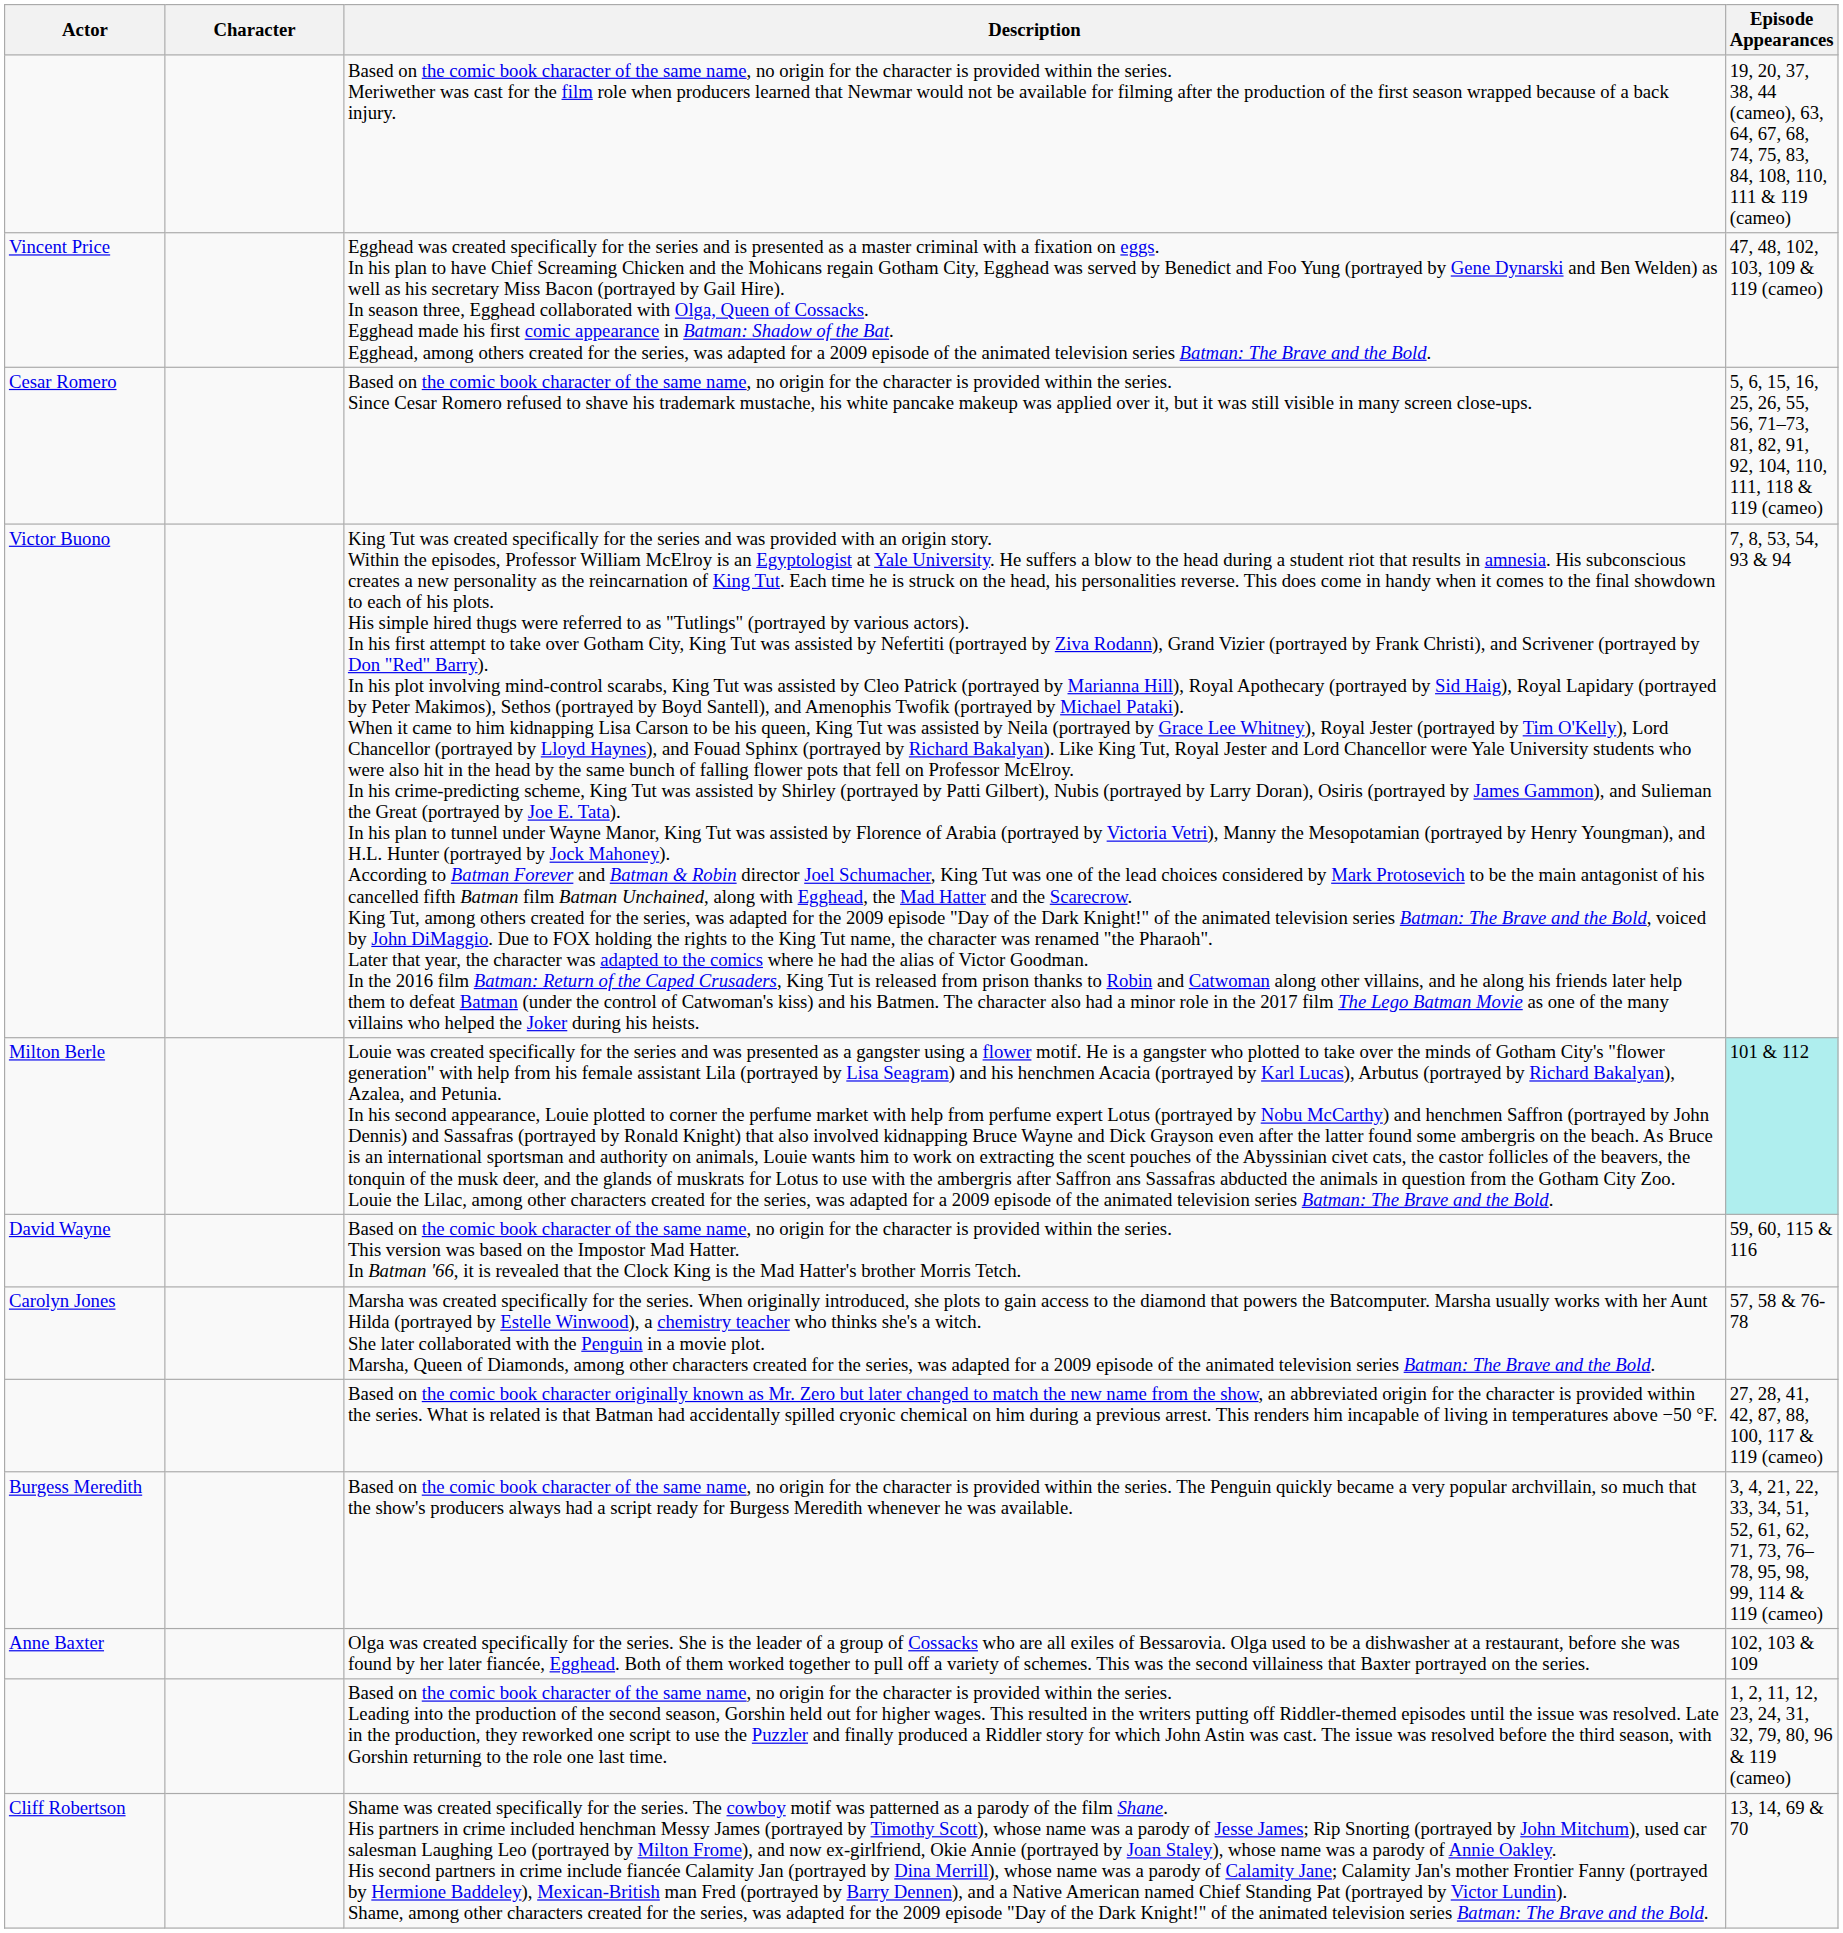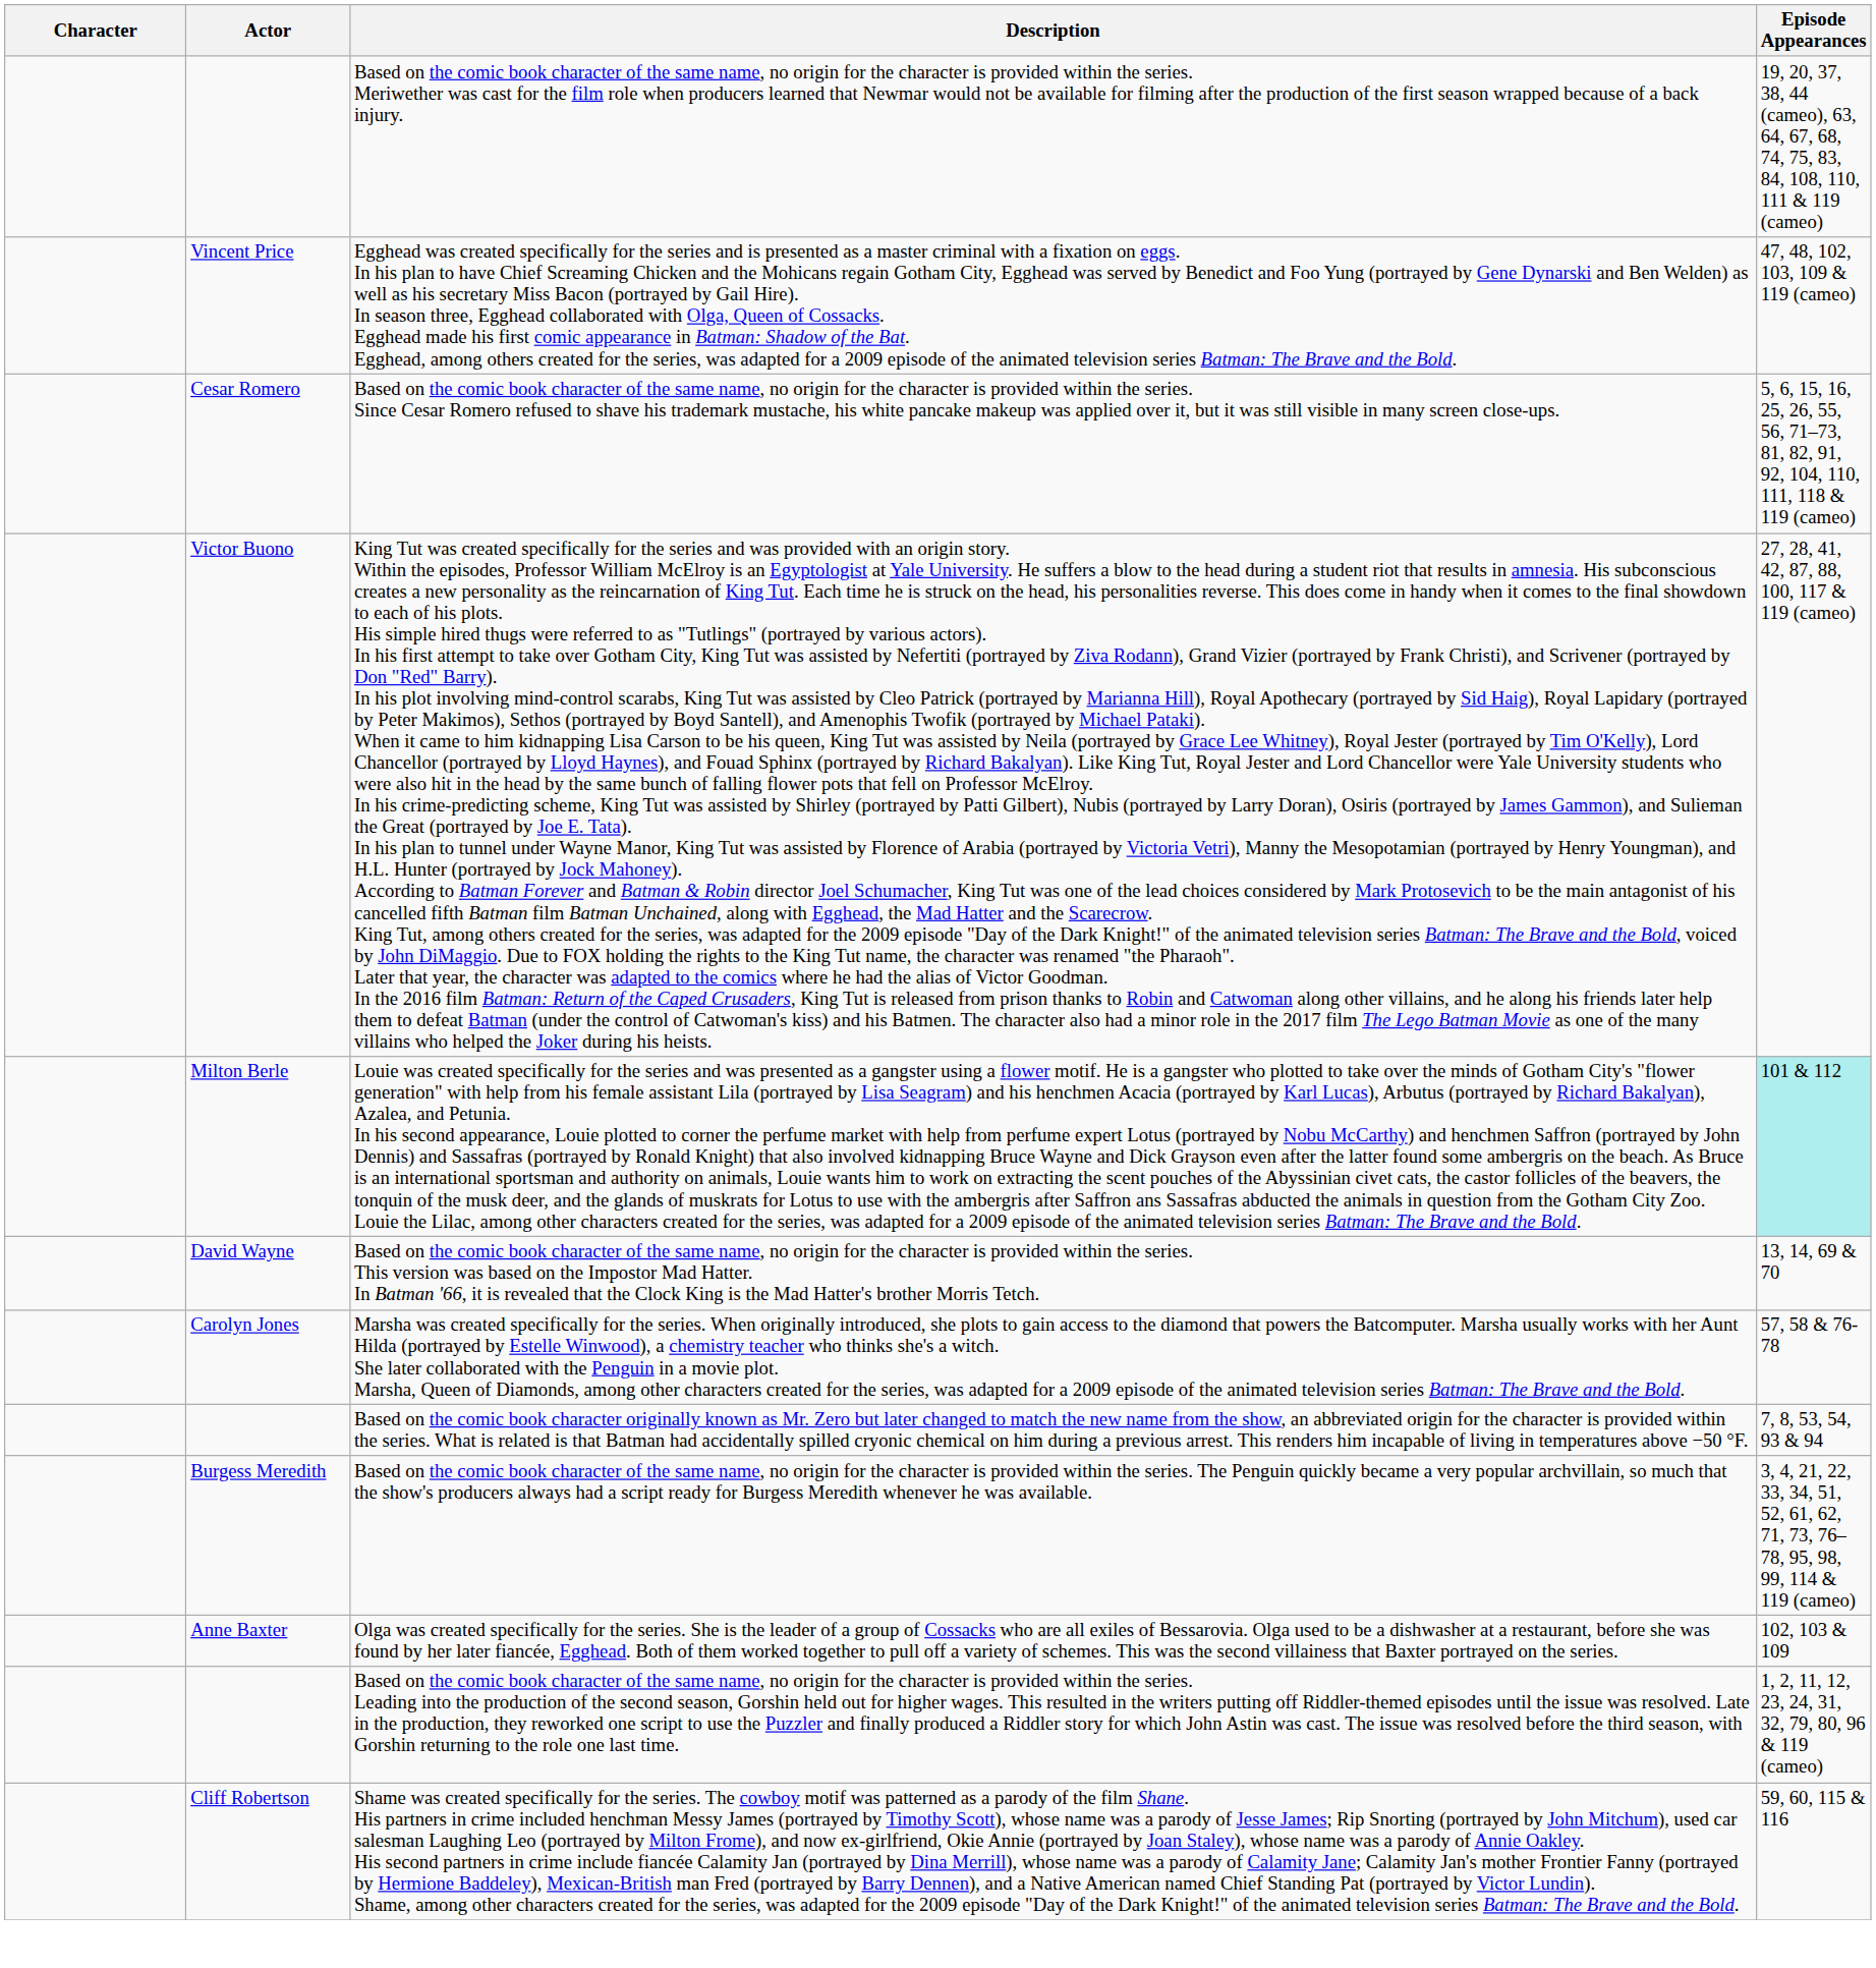 <table class="wikitable">
 <tr>
+<th style="width:145px;">Character</th>
 <th style="width:130px;">Actor</th>
-<th style="width:145px;">Character</th>
 <th>Description</th>
 <th style="width:50px;">Episode Appearances</th>
 </tr>
 <tr style="vertical-align:top;">
 <td></td>
 <td></td>
 <td>Based on <a href='#'>the comic book character of the same name</a>, no origin for the character is provided within the series.<br>Meriwether was cast for the <a href='#'>film</a> role when producers learned that Newmar would not be available for filming after the production of the first season wrapped because of a back injury.</td>
 <td>19, 20, 37, 38, 44 (cameo), 63, 64, 67, 68, 74, 75, 83, 84, 108, 110, 111 & 119 (cameo)</td>
 </tr>
 <tr style="vertical-align:top;">
+<td></td>
 <td><a href='#'>Vincent Price</a></td>
-<td></td>
 <td>Egghead was created specifically for the series and is presented as a master criminal with a fixation on <a href='#'>eggs</a>.<br>In his plan to have Chief Screaming Chicken and the Mohicans regain Gotham City, Egghead was served by Benedict and Foo Yung (portrayed by <a href='#'>Gene Dynarski</a> and Ben Welden) as well as his secretary Miss Bacon (portrayed by Gail Hire).<br>In season three, Egghead collaborated with <a href='#'>Olga, Queen of Cossacks</a>.<br>Egghead made his first <a href='#'>comic appearance</a> in <em><a href='#'>Batman: Shadow of the Bat</a></em>.<br>Egghead, among others created for the series, was adapted for a 2009 episode of the animated television series <em><a href='#'>Batman: The Brave and the Bold</a></em>.</td>
 <td>47, 48, 102, 103, 109 & 119 (cameo)</td>
 </tr>
 <tr style="vertical-align:top;">
+<td></td>
 <td><a href='#'>Cesar Romero</a></td>
-<td></td>
 <td>Based on <a href='#'>the comic book character of the same name</a>, no origin for the character is provided within the series.<br>Since Cesar Romero refused to shave his trademark mustache, his white pancake makeup was applied over it, but it was still visible in many screen close-ups.</td>
 <td>5, 6, 15, 16, 25, 26, 55, 56, 71–73, 81, 82, 91, 92, 104, 110, 111, 118 & 119 (cameo)</td>
 </tr>
 <tr style="vertical-align:top;">
+<td></td>
 <td><a href='#'>Victor Buono</a></td>
-<td></td>
 <td>King Tut was created specifically for the series and was provided with an origin story.<br>Within the episodes, Professor William McElroy is an <a href='#'>Egyptologist</a> at <a href='#'>Yale University</a>. He suffers a blow to the head during a student riot that results in <a href='#'>amnesia</a>. His subconscious creates a new personality as the reincarnation of <a href='#'>King Tut</a>. Each time he is struck on the head, his personalities reverse. This does come in handy when it comes to the final showdown to each of his plots.<br>His simple hired thugs were referred to as "Tutlings" (portrayed by various actors).<br>In his first attempt to take over Gotham City, King Tut was assisted by Nefertiti (portrayed by <a href='#'>Ziva Rodann</a>), Grand Vizier (portrayed by Frank Christi), and Scrivener (portrayed by <a href='#'>Don "Red" Barry</a>).<br>In his plot involving mind-control scarabs, King Tut was assisted by Cleo Patrick (portrayed by <a href='#'>Marianna Hill</a>), Royal Apothecary (portrayed by <a href='#'>Sid Haig</a>), Royal Lapidary (portrayed by Peter Makimos), Sethos (portrayed by Boyd Santell), and Amenophis Twofik (portrayed by <a href='#'>Michael Pataki</a>).<br>When it came to him kidnapping Lisa Carson to be his queen, King Tut was assisted by Neila (portrayed by <a href='#'>Grace Lee Whitney</a>), Royal Jester (portrayed by <a href='#'>Tim O'Kelly</a>), Lord Chancellor (portrayed by <a href='#'>Lloyd Haynes</a>), and Fouad Sphinx (portrayed by <a href='#'>Richard Bakalyan</a>). Like King Tut, Royal Jester and Lord Chancellor were Yale University students who were also hit in the head by the same bunch of falling flower pots that fell on Professor McElroy.<br>In his crime-predicting scheme, King Tut was assisted by Shirley (portrayed by Patti Gilbert), Nubis (portrayed by Larry Doran), Osiris (portrayed by <a href='#'>James Gammon</a>), and Sulieman the Great (portrayed by <a href='#'>Joe E. Tata</a>).<br>In his plan to tunnel under Wayne Manor, King Tut was assisted by Florence of Arabia (portrayed by <a href='#'>Victoria Vetri</a>), Manny the Mesopotamian (portrayed by Henry Youngman), and H.L. Hunter (portrayed by <a href='#'>Jock Mahoney</a>).<br>According to <em><a href='#'>Batman Forever</a></em> and <em><a href='#'>Batman & Robin</a></em> director <a href='#'>Joel Schumacher</a>, King Tut was one of the lead choices considered by <a href='#'>Mark Protosevich</a> to be the main antagonist of his cancelled fifth <em>Batman</em> film <em>Batman Unchained</em>, along with <a href='#'>Egghead</a>, the <a href='#'>Mad Hatter</a> and the <a href='#'>Scarecrow</a>.<br>King Tut, among others created for the series, was adapted for the 2009 episode "Day of the Dark Knight!" of the animated television series <em><a href='#'>Batman: The Brave and the Bold</a></em>, voiced by <a href='#'>John DiMaggio</a>. Due to FOX holding the rights to the King Tut name, the character was renamed "the Pharaoh".<br>Later that year, the character was <a href='#'>adapted to the comics</a> where he had the alias of Victor Goodman.<br>In the 2016 film <em><a href='#'>Batman: Return of the Caped Crusaders</a></em>, King Tut is released from prison thanks to <a href='#'>Robin</a> and <a href='#'>Catwoman</a> along other villains, and he along his friends later help them to defeat <a href='#'>Batman</a> (under the control of Catwoman's kiss) and his Batmen. The character also had a minor role in the 2017 film <em><a href='#'>The Lego Batman Movie</a></em> as one of the many villains who helped the <a href='#'>Joker</a> during his heists.</td>
-<td>7, 8, 53, 54, 93 & 94</td>
+<td>27, 28, 41, 42, 87, 88, 100, 117 & 119 (cameo)</td>
 </tr>
 <tr style="vertical-align:top;">
+<td></td>
 <td><a href='#'>Milton Berle</a></td>
-<td></td>
 <td>Louie was created specifically for the series and was presented as a gangster using a <a href='#'>flower</a> motif. He is a gangster who plotted to take over the minds of Gotham City's "flower generation" with help from his female assistant Lila (portrayed by <a href='#'>Lisa Seagram</a>) and his henchmen Acacia (portrayed by <a href='#'>Karl Lucas</a>), Arbutus (portrayed by <a href='#'>Richard Bakalyan</a>), Azalea, and Petunia.<br>In his second appearance, Louie plotted to corner the perfume market with help from perfume expert Lotus (portrayed by <a href='#'>Nobu McCarthy</a>) and henchmen Saffron (portrayed by John Dennis) and Sassafras (portrayed by Ronald Knight) that also involved kidnapping Bruce Wayne and Dick Grayson even after the latter found some ambergris on the beach. As Bruce is an international sportsman and authority on animals, Louie wants him to work on extracting the scent pouches of the Abyssinian civet cats, the castor follicles of the beavers, the tonquin of the musk deer, and the glands of muskrats for Lotus to use with the ambergris after Saffron ans Sassafras abducted the animals in question from the Gotham City Zoo.<br>Louie the Lilac, among other characters created for the series, was adapted for a 2009 episode of the animated television series <em><a href='#'>Batman: The Brave and the Bold</a></em>.</td>
 <td style="background: paleturquoise;">101 & 112</td>
 </tr>
 <tr style="vertical-align:top;">
+<td></td>
 <td><a href='#'>David Wayne</a></td>
-<td></td>
 <td>Based on <a href='#'>the comic book character of the same name</a>, no origin for the character is provided within the series.<br>This version was based on the Impostor Mad Hatter.<br>In <em>Batman '66</em>, it is revealed that the Clock King is the Mad Hatter's brother Morris Tetch.</td>
-<td>59, 60, 115 & 116</td>
+<td>13, 14, 69 & 70</td>
 </tr>
 <tr style="vertical-align:top;">
+<td></td>
 <td><a href='#'>Carolyn Jones</a></td>
-<td></td>
 <td>Marsha was created specifically for the series. When originally introduced, she plots to gain access to the diamond that powers the Batcomputer. Marsha usually works with her Aunt Hilda (portrayed by <a href='#'>Estelle Winwood</a>), a <a href='#'>chemistry teacher</a> who thinks she's a witch.<br>She later collaborated with the <a href='#'>Penguin</a> in a movie plot.<br>Marsha, Queen of Diamonds, among other characters created for the series, was adapted for a 2009 episode of the animated television series <em><a href='#'>Batman: The Brave and the Bold</a></em>.</td>
 <td>57, 58 & 76-78</td>
 </tr>
 <tr style="vertical-align:top;">
 <td></td>
 <td></td>
 <td>Based on <a href='#'>the comic book character originally known as Mr. Zero but later changed to match the new name from the show</a>, an abbreviated origin for the character is provided within the series. What is related is that Batman had accidentally spilled cryonic chemical on him during a previous arrest. This renders him incapable of living in temperatures above −50 °F.</td>
-<td>27, 28, 41, 42, 87, 88, 100, 117 & 119 (cameo)</td>
+<td>7, 8, 53, 54, 93 & 94</td>
 </tr>
 <tr style="vertical-align:top;">
+<td></td>
 <td><a href='#'>Burgess Meredith</a></td>
-<td></td>
 <td>Based on <a href='#'>the comic book character of the same name</a>, no origin for the character is provided within the series. The Penguin quickly became a very popular archvillain, so much that the show's producers always had a script ready for Burgess Meredith whenever he was available.</td>
 <td>3, 4, 21, 22, 33, 34, 51, 52, 61, 62, 71, 73, 76–78, 95, 98, 99, 114 & 119 (cameo)</td>
 </tr>
 <tr style="vertical-align:top;">
+<td></td>
 <td><a href='#'>Anne Baxter</a></td>
-<td></td>
 <td>Olga was created specifically for the series. She is the leader of a group of <a href='#'>Cossacks</a> who are all exiles of Bessarovia. Olga used to be a dishwasher at a restaurant, before she was found by her later fiancée, <a href='#'>Egghead</a>. Both of them worked together to pull off a variety of schemes. This was the second villainess that Baxter portrayed on the series.</td>
 <td>102, 103 & 109</td>
 </tr>
 <tr style="vertical-align:top;">
 <td></td>
 <td></td>
 <td>Based on <a href='#'>the comic book character of the same name</a>, no origin for the character is provided within the series.<br>Leading into the production of the second season, Gorshin held out for higher wages. This resulted in the writers putting off Riddler-themed episodes until the issue was resolved. Late in the production, they reworked one script to use the <a href='#'>Puzzler</a> and finally produced a Riddler story for which John Astin was cast. The issue was resolved before the third season, with Gorshin returning to the role one last time.</td>
 <td>1, 2, 11, 12, 23, 24, 31, 32, 79, 80, 96 & 119 (cameo)</td>
 </tr>
 <tr style="vertical-align:top;">
+<td></td>
 <td><a href='#'>Cliff Robertson</a></td>
-<td></td>
 <td>Shame was created specifically for the series. The <a href='#'>cowboy</a> motif was patterned as a parody of the film <em><a href='#'>Shane</a></em>.<br>His partners in crime included henchman Messy James (portrayed by <a href='#'>Timothy Scott</a>), whose name was a parody of <a href='#'>Jesse James</a>; Rip Snorting (portrayed by <a href='#'>John Mitchum</a>), used car salesman Laughing Leo (portrayed by <a href='#'>Milton Frome</a>), and now ex-girlfriend, Okie Annie (portrayed by <a href='#'>Joan Staley</a>), whose name was a parody of <a href='#'>Annie Oakley</a>.<br>His second partners in crime include fiancée Calamity Jan (portrayed by <a href='#'>Dina Merrill</a>), whose name was a parody of <a href='#'>Calamity Jane</a>; Calamity Jan's mother Frontier Fanny (portrayed by <a href='#'>Hermione Baddeley</a>), <a href='#'>Mexican-British</a> man Fred (portrayed by <a href='#'>Barry Dennen</a>), and a Native American named Chief Standing Pat (portrayed by <a href='#'>Victor Lundin</a>).<br>Shame, among other characters created for the series, was adapted for the 2009 episode "Day of the Dark Knight!" of the animated television series <em><a href='#'>Batman: The Brave and the Bold</a></em>.</td>
-<td>13, 14, 69 & 70</td>
+<td>59, 60, 115 & 116</td>
 </tr>
 </table>
